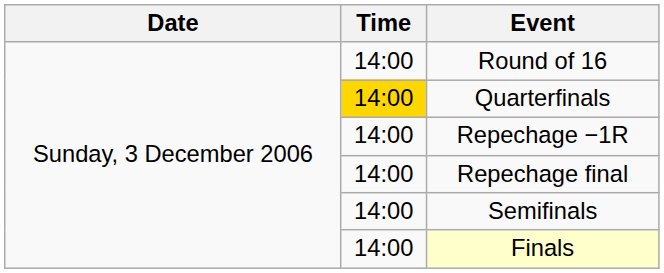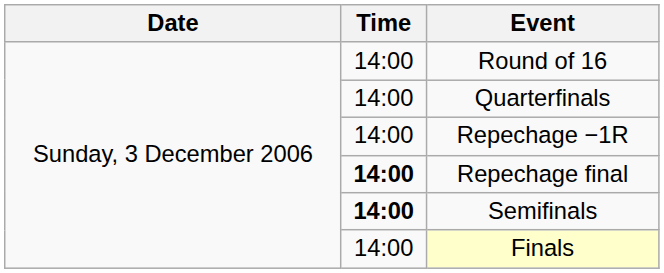 <table class = "wikitable" style="text-align:center;">
 <tr>
 <th width=220>Date</th>
 <th width=50>Time</th>
 <th width=150>Event</th>
 </tr>
 <tr>
 <td rowspan=6>Sunday, 3 December 2006</td>
 <td>14:00</td>
 <td>Round of 16</td>
 </tr>
 <tr>
-<td style="background: gold;">14:00</td>
+<td>14:00</td>
 <td>Quarterfinals</td>
 </tr>
 <tr>
 <td>14:00</td>
 <td>Repechage −1R</td>
 </tr>
 <tr>
-<td>14:00</td>
+<td><strong>14:00</strong></td>
 <td>Repechage final</td>
 </tr>
 <tr>
-<td>14:00</td>
+<td><strong>14:00</strong></td>
 <td>Semifinals</td>
 </tr>
 <tr>
 <td>14:00</td>
 <td bgcolor=ffffcc>Finals</td>
 </tr>
 </table>
